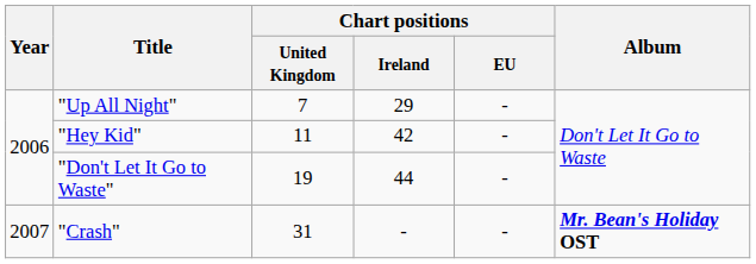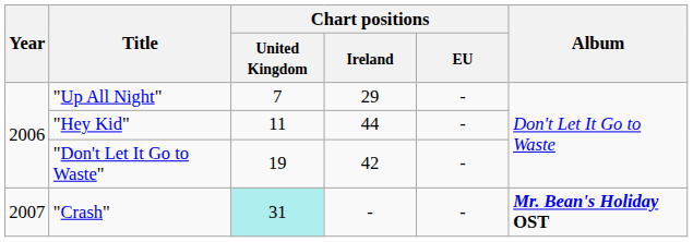 <table class="wikitable">
 <tr>
 <th rowspan="2">Year</th>
 <th rowspan="2">Title</th>
 <th colspan="3">Chart positions</th>
 <th rowspan="2">Album</th>
 </tr>
 <tr>
 <th style="width:75px;"><small>United Kingdom</small></th>
 <th style="width:75px;"><small>Ireland</small></th>
 <th style="width:75px;"><small>EU</small></th>
 </tr>
 <tr>
 <td rowspan="3">2006</td>
 <td>"<a href='#'>Up All Night</a>"</td>
 <td style="text-align:center;">7</td>
 <td style="text-align:center;">29</td>
 <td style="text-align:center;">-</td>
 <td rowspan="3"><em><a href='#'>Don't Let It Go to Waste</a></em></td>
 </tr>
 <tr>
 <td>"<a href='#'>Hey Kid</a>"</td>
 <td style="text-align:center;">11</td>
-<td style="text-align:center;">42</td>
+<td style="text-align:center;">44</td>
 <td style="text-align:center;">-</td>
 </tr>
 <tr>
 <td>"<a href='#'>Don't Let It Go to Waste</a>"</td>
 <td style="text-align:center;">19</td>
-<td style="text-align:center;">44</td>
+<td style="text-align:center;">42</td>
 <td style="text-align:center;">-</td>
 </tr>
 <tr>
 <td>2007</td>
 <td>"<a href='#'>Crash</a>"</td>
-<td style="text-align:center;">31</td>
+<td style="background: paleturquoise; text-align:center;">31</td>
 <td style="text-align:center;">-</td>
 <td style="text-align:center;">-</td>
 <td><strong><em><a href='#'>Mr. Bean's Holiday</a></em> OST</strong></td>
 </tr>
 </table>
